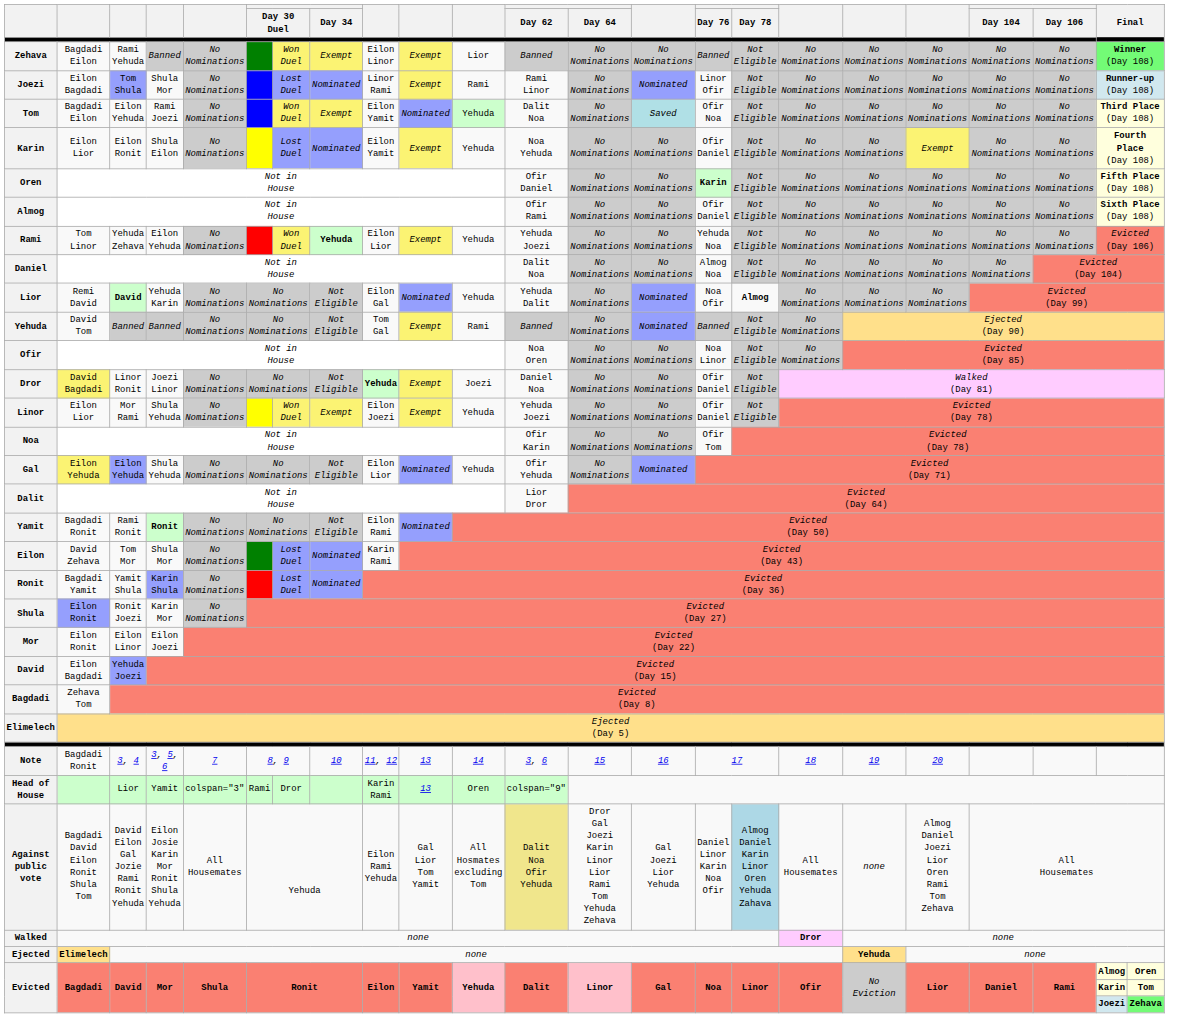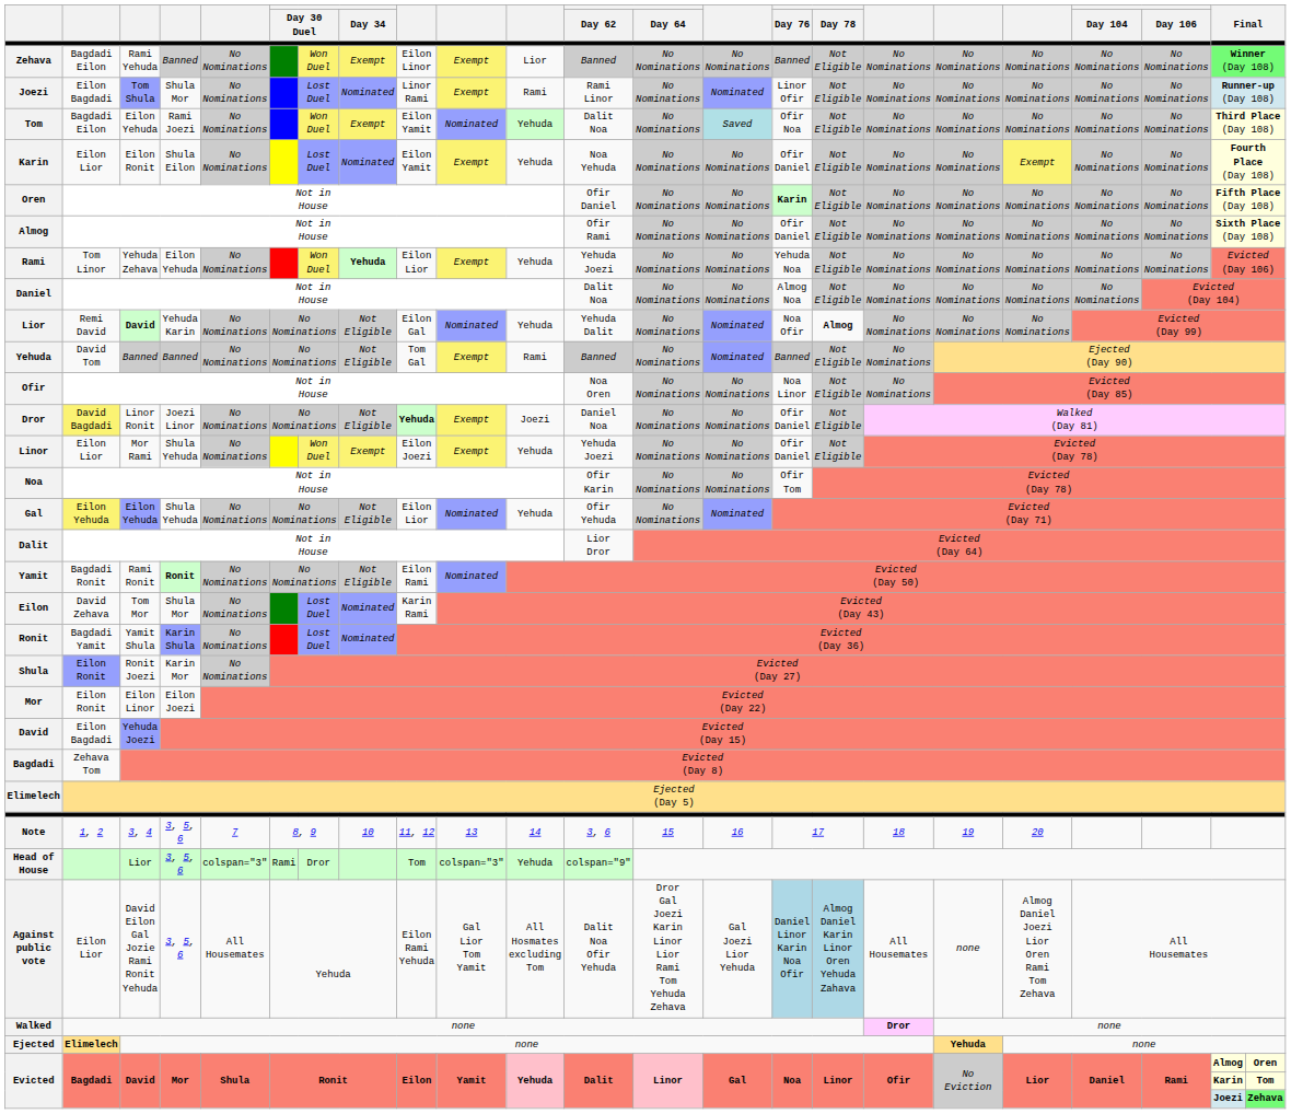 <table class="wikitable" style="text-align:center; width:auto; font-size:85%; line-height:15px">
 <tr>
 <th rowspan="2" style="width: 1%;"></th>
 <th rowspan="2" style="width: 5%;"></th>
 <th rowspan="2" style="width: 5%;"></th>
 <th rowspan="2" style="width: 5%;"></th>
 <th rowspan="2" style="width: 5%;"></th>
 <th colspan="3" style="width: 10%;"></th>
 <th rowspan="2" style="width: 5%;"></th>
 <th rowspan="2" style="width: 5%;"></th>
 <th rowspan="2" style="width: 5%;"></th>
 <th colspan="2" style="width: 10%;"></th>
 <th rowspan="2" style="width: 5%;"></th>
 <th colspan="2" style="width: 10%;"></th>
 <th rowspan="2" style="width: 5%;"></th>
 <th rowspan="2" style="width: 5%;"></th>
 <th rowspan="2" style="width: 5%;"></th>
 <th colspan="2" style="width: 10%;"></th>
 <th colspan="2" rowspan="3" style="width: 10%;">Final</th>
 </tr>
 <tr>
 <th colspan="2" style="width: 5%;">Day 30<br>Duel</th>
 <th style="width: 5%;">Day 34</th>
 <th style="width: 5%;">Day 62</th>
 <th style="width: 5%;">Day 64</th>
 <th style="width: 5%;">Day 76</th>
 <th style="width: 5%;">Day 78</th>
 <th style="width: 5%;">Day 104</th>
 <th style="width: 5%;">Day 106</th>
 </tr>
 <tr>
 <th colspan="23" style="background:black;"></th>
 </tr>
 <tr>
 <th>Zehava</th>
 <td>Bagdadi<br>Eilon</td>
 <td>Rami<br>Yehuda</td>
 <td style="background:#CCC;"><em>Banned</em></td>
 <td style="background: #CCC;"><em>No<br>Nominations</em></td>
 <td style="background: green;"></td>
 <td style="background:#FBF373;"><em>Won<br>Duel</em></td>
 <td style="background:#FBF373;"><em>Exempt</em></td>
 <td>Eilon<br>Linor</td>
 <td style="background: #FBF373;"><em>Exempt</em></td>
 <td>Lior</td>
 <td style="background:#CCC;"><em>Banned</em></td>
 <td style="background: #CCC;"><em>No<br>Nominations</em></td>
 <td style="background: #CCC;"><em>No<br>Nominations</em></td>
 <td style="background: #CCC;"><em>Banned</em></td>
 <td style="background: #CCC;"><em>Not<br>Eligible</em></td>
 <td style="background: #CCC;"><em>No<br>Nominations</em></td>
 <td style="background: #CCC;"><em>No<br>Nominations</em></td>
 <td style="background: #CCC;"><em>No<br>Nominations</em></td>
 <td style="background: #CCC;"><em>No<br>Nominations</em></td>
 <td style="background: #CCC;"><em>No<br>Nominations</em></td>
 <td colspan="2" style="background:#73FB76;"><strong>Winner</strong><br>(Day 108)</td>
 </tr>
 <tr>
 <th>Joezi</th>
 <td>Eilon<br>Bagdadi</td>
 <td style="background:#959FFD;">Tom<br>Shula</td>
 <td>Shula<br>Mor</td>
 <td style="background: #CCC;"><em>No<br>Nominations</em></td>
 <td style="background: blue;"></td>
 <td style="background:#959FFD;"><em>Lost<br>Duel</em></td>
 <td style="background:#959FFD;"><em>Nominated</em></td>
 <td>Linor<br>Rami</td>
 <td style="background: #FBF373;"><em>Exempt</em></td>
 <td>Rami</td>
 <td>Rami<br>Linor</td>
 <td style="background: #CCC;"><em>No<br>Nominations</em></td>
 <td style="background:#959FFD;"><em>Nominated</em></td>
 <td>Linor<br>Ofir</td>
 <td style="background: #CCC;"><em>Not<br>Eligible</em></td>
 <td style="background: #CCC;"><em>No<br>Nominations</em></td>
 <td style="background: #CCC;"><em>No<br>Nominations</em></td>
 <td style="background: #CCC;"><em>No<br>Nominations</em></td>
 <td style="background: #CCC;"><em>No<br>Nominations</em></td>
 <td style="background: #CCC;"><em>No<br>Nominations</em></td>
 <td colspan="2" style="background:#D1E8EF;"><strong>Runner-up</strong><br>(Day 108)</td>
 </tr>
 <tr>
 <th>Tom</th>
 <td>Bagdadi<br>Eilon</td>
 <td>Eilon<br>Yehuda</td>
 <td>Rami<br>Joezi</td>
 <td style="background: #CCC;"><em>No<br>Nominations</em></td>
 <td style="background: blue;"></td>
 <td style="background:#FBF373;"><em>Won<br>Duel</em></td>
 <td style="background:#FBF373;"><em>Exempt</em></td>
 <td>Eilon<br>Yamit</td>
 <td style="background:#959FFD;"><em>Nominated</em></td>
 <td style="background: #CFC;">Yehuda</td>
 <td>Dalit<br>Noa</td>
 <td style="background: #CCC;"><em>No<br>Nominations</em></td>
 <td style="background: #B0E0E6;"><em>Saved</em></td>
 <td>Ofir<br>Noa</td>
 <td style="background: #CCC;"><em>Not<br>Eligible</em></td>
 <td style="background: #CCC;"><em>No<br>Nominations</em></td>
 <td style="background: #CCC;"><em>No<br>Nominations</em></td>
 <td style="background: #CCC;"><em>No<br>Nominations</em></td>
 <td style="background: #CCC;"><em>No<br>Nominations</em></td>
 <td style="background: #CCC;"><em>No<br>Nominations</em></td>
 <td colspan="2" style="background:#FFFFDD;"><strong>Third Place</strong><br>(Day 108)</td>
 </tr>
 <tr>
 <th>Karin</th>
 <td>Eilon<br>Lior</td>
 <td>Eilon<br>Ronit</td>
 <td>Shula<br>Eilon</td>
 <td style="background: #CCC;"><em>No<br>Nominations</em></td>
 <td style="background: yellow;"></td>
 <td style="background:#959FFD;"><em>Lost<br>Duel</em></td>
 <td style="background:#959FFD;"><em>Nominated</em></td>
 <td>Eilon<br>Yamit</td>
 <td style="background: #FBF373;"><em>Exempt</em></td>
 <td>Yehuda</td>
 <td>Noa<br>Yehuda</td>
 <td style="background: #CCC;"><em>No<br>Nominations</em></td>
 <td style="background: #CCC;"><em>No<br>Nominations</em></td>
 <td>Ofir<br>Daniel</td>
 <td style="background: #CCC;"><em>Not<br>Eligible</em></td>
 <td style="background: #CCC;"><em>No<br>Nominations</em></td>
 <td style="background: #CCC;"><em>No<br>Nominations</em></td>
 <td style="background: #FBF373;"><em>Exempt</em></td>
 <td style="background: #CCC;"><em>No<br>Nominations</em></td>
 <td style="background: #CCC;"><em>No<br>Nominations</em></td>
 <td colspan="2" style="background:#FFFFDD;"><strong>Fourth Place</strong><br>(Day 108)</td>
 </tr>
 <tr>
 <th>Oren</th>
 <td colspan="10" style="background:white;"><em>Not in<br>House</em></td>
 <td>Ofir<br>Daniel</td>
 <td style="background: #CCC;"><em>No<br>Nominations</em></td>
 <td style="background: #CCC;"><em>No<br>Nominations</em></td>
 <td style="background:#cfc"><strong>Karin</strong></td>
 <td style="background: #CCC;"><em>Not<br>Eligible</em></td>
 <td style="background: #CCC;"><em>No<br>Nominations</em></td>
 <td style="background: #CCC;"><em>No<br>Nominations</em></td>
 <td style="background: #CCC;"><em>No<br>Nominations</em></td>
 <td style="background: #CCC;"><em>No<br>Nominations</em></td>
 <td style="background: #CCC;"><em>No<br>Nominations</em></td>
 <td colspan="2" style="background:#FFFFDD;"><strong>Fifth Place</strong><br>(Day 108)</td>
 </tr>
 <tr>
 <th>Almog</th>
 <td colspan="10" style="background:white;"><em>Not in<br>House</em></td>
 <td>Ofir<br>Rami</td>
 <td style="background: #CCC;"><em>No<br>Nominations</em></td>
 <td style="background: #CCC;"><em>No<br>Nominations</em></td>
 <td>Ofir<br>Daniel</td>
 <td style="background: #CCC;"><em>Not<br>Eligible</em></td>
 <td style="background: #CCC;"><em>No<br>Nominations</em></td>
 <td style="background: #CCC;"><em>No<br>Nominations</em></td>
 <td style="background: #CCC;"><em>No<br>Nominations</em></td>
 <td style="background: #CCC;"><em>No<br>Nominations</em></td>
 <td style="background: #CCC;"><em>No<br>Nominations</em></td>
 <td colspan="2" style="background:#FFFFDD;"><strong>Sixth Place</strong><br>(Day 108)</td>
 </tr>
 <tr>
 <th>Rami</th>
 <td>Tom<br>Linor</td>
 <td>Yehuda<br>Zehava</td>
 <td>Eilon<br>Yehuda</td>
 <td style="background: #CCC;"><em>No<br>Nominations</em></td>
 <td style="background: red;"></td>
 <td style="background:#FBF373;"><em>Won<br>Duel</em></td>
 <td style="background:#CFC;"><strong>Yehuda</strong></td>
 <td>Eilon<br>Lior</td>
 <td style="background: #FBF373;"><em>Exempt</em></td>
 <td>Yehuda</td>
 <td>Yehuda<br>Joezi</td>
 <td style="background: #CCC;"><em>No<br>Nominations</em></td>
 <td style="background: #CCC;"><em>No<br>Nominations</em></td>
 <td>Yehuda<br>Noa</td>
 <td style="background: #CCC;"><em>Not<br>Eligible</em></td>
 <td style="background: #CCC;"><em>No<br>Nominations</em></td>
 <td style="background: #CCC;"><em>No<br>Nominations</em></td>
 <td style="background: #CCC;"><em>No<br>Nominations</em></td>
 <td style="background: #CCC;"><em>No<br>Nominations</em></td>
 <td style="background: #CCC;"><em>No<br>Nominations</em></td>
 <td colspan="2" style="background: salmon;"><em>Evicted</em><br>(Day 106)</td>
 </tr>
 <tr>
 <th>Daniel</th>
 <td colspan="10" style="background:white;"><em>Not in<br>House</em></td>
 <td>Dalit<br>Noa</td>
 <td style="background: #CCC;"><em>No<br>Nominations</em></td>
 <td style="background: #CCC;"><em>No<br>Nominations</em></td>
 <td>Almog<br>Noa</td>
 <td style="background: #CCC;"><em>Not<br>Eligible</em></td>
 <td style="background: #CCC;"><em>No<br>Nominations</em></td>
 <td style="background: #CCC;"><em>No<br>Nominations</em></td>
 <td style="background: #CCC;"><em>No<br>Nominations</em></td>
 <td style="background: #CCC;"><em>No<br>Nominations</em></td>
 <td colspan="3" style="background:salmon"><em>Evicted</em><br>(Day 104)</td>
 </tr>
 <tr>
 <th>Lior</th>
 <td>Remi<br>David</td>
 <td style="background:#CFC;"><strong>David</strong></td>
 <td>Yehuda<br>Karin</td>
 <td style="background: #CCC;"><em>No<br>Nominations</em></td>
 <td colspan="2" style="background: #CCC;"><em>No<br>Nominations</em></td>
 <td style="background: #CCC;"><em>Not<br>Eligible</em></td>
 <td>Eilon<br>Gal</td>
 <td style="background:#959FFD;"><em>Nominated</em></td>
 <td>Yehuda</td>
 <td>Yehuda<br>Dalit</td>
 <td style="background: #CCC;"><em>No<br>Nominations</em></td>
 <td style="background:#959FFD;"><em>Nominated</em></td>
 <td>Noa<br>Ofir</td>
 <td><strong>Almog</strong></td>
 <td style="background: #CCC;"><em>No<br>Nominations</em></td>
 <td style="background: #CCC;"><em>No<br>Nominations</em></td>
 <td style="background: #CCC;"><em>No<br>Nominations</em></td>
 <td colspan="4" style="background:salmon"><em>Evicted</em><br>(Day 99)</td>
 </tr>
 <tr>
 <th>Yehuda</th>
 <td>David<br>Tom</td>
 <td style="background:#CCC;"><em>Banned</em></td>
 <td style="background:#CCC;"><em>Banned</em></td>
 <td style="background: #CCC;"><em>No<br>Nominations</em></td>
 <td colspan="2" style="background: #CCC;"><em>No<br>Nominations</em></td>
 <td style="background: #CCC;"><em>Not<br>Eligible</em></td>
 <td>Tom<br>Gal</td>
 <td style="background: #FBF373;"><em>Exempt</em></td>
 <td>Rami</td>
 <td style="background:#CCC;"><em>Banned</em></td>
 <td style="background: #CCC;"><em>No<br>Nominations</em></td>
 <td style="background:#959FFD;"><em>Nominated</em></td>
 <td style="background: #CCC;"><em>Banned</em></td>
 <td style="background: #CCC;"><em>Not<br>Eligible</em></td>
 <td style="background: #CCC;"><em>No<br>Nominations</em></td>
 <td colspan="6" style="background: #FFE08B;"><em>Ejected</em><br>(Day 90)</td>
 </tr>
 <tr>
 <th>Ofir</th>
 <td colspan="10" style="background:white;"><em>Not in<br>House</em></td>
 <td>Noa<br>Oren</td>
 <td style="background: #CCC;"><em>No<br>Nominations</em></td>
 <td style="background: #CCC;"><em>No<br>Nominations</em></td>
 <td>Noa<br>Linor</td>
 <td style="background: #CCC;"><em>Not<br>Eligible</em></td>
 <td style="background: #CCC;"><em>No<br>Nominations</em></td>
 <td colspan="6" style="background:salmon"><em>Evicted</em><br>(Day 85)</td>
 </tr>
 <tr>
 <th>Dror</th>
 <td style="background: #FBF373;">David<br>Bagdadi</td>
 <td>Linor<br>Ronit</td>
 <td>Joezi<br>Linor</td>
 <td style="background: #CCC;"><em>No<br>Nominations</em></td>
 <td colspan="2" style="background: #CCC;"><em>No<br>Nominations</em></td>
 <td style="background: #CCC;"><em>Not<br>Eligible</em></td>
 <td style="background: #CFC;"><strong>Yehuda</strong></td>
 <td style="background: #FBF373;"><em>Exempt</em></td>
 <td>Joezi</td>
 <td>Daniel<br>Noa</td>
 <td style="background: #CCC;"><em>No<br>Nominations</em></td>
 <td style="background: #CCC;"><em>No<br>Nominations</em></td>
 <td>Ofir<br>Daniel</td>
 <td style="background: #CCC;"><em>Not<br>Eligible</em></td>
 <td colspan="7" style="background:#fcf"><em>Walked</em><br>(Day 81)</td>
 </tr>
 <tr>
 <th>Linor</th>
 <td>Eilon<br>Lior</td>
 <td>Mor<br>Rami</td>
 <td>Shula<br>Yehuda</td>
 <td style="background: #CCC;"><em>No<br>Nominations</em></td>
 <td style="background: yellow;"></td>
 <td style="background:#FBF373;"><em>Won<br>Duel</em></td>
 <td style="background:#FBF373;"><em>Exempt</em></td>
 <td>Eilon<br>Joezi</td>
 <td style="background: #FBF373;"><em>Exempt</em></td>
 <td>Yehuda</td>
 <td>Yehuda<br>Joezi</td>
 <td style="background: #CCC;"><em>No<br>Nominations</em></td>
 <td style="background: #CCC;"><em>No<br>Nominations</em></td>
 <td>Ofir<br>Daniel</td>
 <td style="background: #CCC;"><em>Not<br>Eligible</em></td>
 <td colspan="7" style="background:salmon"><em>Evicted</em><br>(Day 78)</td>
 </tr>
 <tr>
 <th>Noa</th>
 <td colspan="10" style="background:white;"><em>Not in<br>House</em></td>
 <td>Ofir<br>Karin</td>
 <td style="background: #CCC;"><em>No<br>Nominations</em></td>
 <td style="background: #CCC;"><em>No<br>Nominations</em></td>
 <td>Ofir<br>Tom</td>
 <td colspan="8" style="background:salmon"><em>Evicted</em><br>(Day 78)</td>
 </tr>
 <tr>
 <th>Gal</th>
 <td style="background: #FBF373;">Eilon<br>Yehuda</td>
 <td style="background:#959FFD;">Eilon<br>Yehuda</td>
 <td>Shula<br>Yehuda</td>
 <td style="background: #CCC;"><em>No<br>Nominations</em></td>
 <td colspan="2" style="background: #CCC;"><em>No<br>Nominations</em></td>
 <td style="background: #CCC;"><em>Not<br>Eligible</em></td>
 <td>Eilon<br>Lior</td>
 <td style="background:#959FFD;"><em>Nominated</em></td>
 <td>Yehuda</td>
 <td>Ofir<br>Yehuda</td>
 <td style="background: #CCC;"><em>No<br>Nominations</em></td>
 <td style="background:#959FFD;"><em>Nominated</em></td>
 <td colspan="9" style="background:salmon"><em>Evicted</em><br>(Day 71)</td>
 </tr>
 <tr>
 <th>Dalit</th>
 <td colspan="10" style="background:white;"><em>Not in<br>House</em></td>
 <td>Lior<br>Dror</td>
 <td colspan="11" style="background:salmon"><em>Evicted</em><br>(Day 64)</td>
 </tr>
 <tr>
 <th>Yamit</th>
 <td>Bagdadi<br>Ronit</td>
 <td>Rami<br>Ronit</td>
 <td style="background:#CFC;"><strong>Ronit</strong></td>
 <td style="background: #CCC;"><em>No<br>Nominations</em></td>
 <td colspan="2" style="background: #CCC;"><em>No<br>Nominations</em></td>
 <td style="background: #CCC;"><em>Not<br>Eligible</em></td>
 <td>Eilon<br>Rami</td>
 <td style="background:#959FFD;"><em>Nominated</em></td>
 <td colspan="13" style="background:salmon"><em>Evicted</em><br>(Day 50)</td>
 </tr>
 <tr>
 <th>Eilon</th>
 <td>David<br>Zehava</td>
 <td>Tom<br>Mor</td>
 <td>Shula<br>Mor</td>
 <td style="background: #CCC;"><em>No<br>Nominations</em></td>
 <td style="background: green; width:0.1%"></td>
 <td style="background:#959FFD; width:4.9%"><em>Lost<br>Duel</em></td>
 <td style="background:#959FFD;"><em>Nominated</em></td>
 <td>Karin<br>Rami</td>
 <td colspan="14" style="background:salmon"><em>Evicted</em><br>(Day 43)</td>
 </tr>
 <tr>
 <th>Ronit</th>
 <td>Bagdadi<br>Yamit</td>
 <td>Yamit<br>Shula</td>
 <td style="background:#959FFD;">Karin<br>Shula</td>
 <td style="background: #CCC;"><em>No<br>Nominations</em></td>
 <td style="background: red;"></td>
 <td style="background:#959FFD;"><em>Lost<br>Duel</em></td>
 <td style="background:#959FFD;"><em>Nominated</em></td>
 <td colspan="15" style="background:salmon"><em>Evicted</em><br>(Day 36)</td>
 </tr>
 <tr>
 <th>Shula</th>
 <td style="background:#959FFD;">Eilon<br>Ronit</td>
 <td>Ronit<br>Joezi</td>
 <td>Karin<br>Mor</td>
 <td style="background: #CCC;"><em>No<br>Nominations</em></td>
 <td colspan="18" style="background:salmon"><em>Evicted</em><br>(Day 27)</td>
 </tr>
 <tr>
 <th>Mor</th>
 <td>Eilon<br>Ronit</td>
 <td>Eilon<br>Linor</td>
 <td>Eilon<br>Joezi</td>
 <td colspan="19" style="background:salmon"><em>Evicted</em><br>(Day 22)</td>
 </tr>
 <tr>
 <th>David</th>
 <td>Eilon<br>Bagdadi</td>
 <td style="background:#959FFD;">Yehuda<br>Joezi</td>
 <td colspan="20" style="background:salmon"><em>Evicted</em><br>(Day 15)</td>
 </tr>
 <tr>
 <th>Bagdadi</th>
 <td>Zehava<br>Tom</td>
 <td colspan="21" style="background:salmon"><em>Evicted</em><br>(Day 8)</td>
 </tr>
 <tr>
 <th>Elimelech</th>
 <td colspan="22" style="background:#FFE08B;"><em>Ejected</em><br>(Day 5)</td>
 </tr>
 <tr>
 <th colspan="23" style="background:black;"></th>
 </tr>
 <tr>
 <th>Note</th>
-<td>Bagdadi<br>Ronit</td>
+<td><em><a href='#'>1</a>, <a href='#'>2</a></em></td>
 <td><em><a href='#'>3</a>, <a href='#'>4</a></em></td>
 <td><em><a href='#'>3</a>, <a href='#'>5</a>, <a href='#'>6</a></em></td>
 <td><em><a href='#'>7</a></em></td>
 <td colspan="2"><em><a href='#'>8</a>, <a href='#'>9</a></em></td>
 <td><em><a href='#'>10</a></em></td>
 <td><em><a href='#'>11</a>, <a href='#'>12</a></em></td>
 <td><em><a href='#'>13</a></em></td>
 <td><em><a href='#'>14</a></em></td>
 <td><em><a href='#'>3</a>, <a href='#'>6</a></em></td>
 <td><em><a href='#'>15</a></em></td>
 <td><em><a href='#'>16</a></em></td>
 <td colspan="2"><em><a href='#'>17</a></em></td>
 <td><em><a href='#'>18</a></em></td>
 <td><em><a href='#'>19</a></em></td>
 <td><em><a href='#'>20</a></em></td>
 <td></td>
 <td></td>
 <td colspan="2"></td>
 </tr>
 <tr style="background: #CFC;" |>
 <th>Head of<br>House</th>
 <td></td>
 <td>Lior</td>
-<td>Yamit</td>
+<td><em><a href='#'>3</a>, <a href='#'>5</a>, <a href='#'>6</a></em></td>
 <td>colspan="3" </td>
 <td>Rami</td>
 <td>Dror</td>
 <td></td>
-<td>Karin<br>Rami</td>
-<td><em><a href='#'>13</a></em></td>
-<td>Oren</td>
+<td>Tom</td>
+<td>colspan="3" </td>
+<td>Yehuda</td>
 <td>colspan="9" </td>
 </tr>
 <tr>
 <th>Against<br>public vote</th>
-<td>Bagdadi<br>David<br>Eilon<br>Ronit<br>Shula<br>Tom</td>
+<td>Eilon<br>Lior</td>
 <td>David<br>Eilon<br>Gal<br>Jozie<br>Rami<br>Ronit<br>Yehuda</td>
-<td>Eilon<br>Josie<br>Karin<br>Mor<br>Ronit<br>Shula<br>Yehuda</td>
+<td><em><a href='#'>3</a>, <a href='#'>5</a>, <a href='#'>6</a></em></td>
 <td>All<br>Housemates</td>
 <td colspan="3"><br><br><br><br>Yehuda</td>
 <td>Eilon<br>Rami<br>Yehuda</td>
 <td>Gal<br>Lior<br>Tom<br>Yamit</td>
 <td>All Hosmates excluding Tom</td>
-<td style="background: khaki;">Dalit<br>Noa<br>Ofir<br>Yehuda</td>
+<td>Dalit<br>Noa<br>Ofir<br>Yehuda</td>
 <td>Dror<br>Gal<br>Joezi<br>Karin<br>Linor<br>Lior<br>Rami<br>Tom<br>Yehuda<br>Zehava</td>
 <td>Gal<br>Joezi<br>Lior<br>Yehuda</td>
-<td>Daniel<br>Linor<br>Karin<br>Noa<br>Ofir</td>
+<td style="background: lightblue;">Daniel<br>Linor<br>Karin<br>Noa<br>Ofir</td>
 <td style="background: lightblue;">Almog<br>Daniel<br>Karin<br>Linor<br>Oren<br>Yehuda<br>Zahava</td>
 <td>All<br>Housemates</td>
 <td><em>none</em></td>
 <td>Almog<br>Daniel<br>Joezi<br>Lior<br>Oren<br>Rami<br>Tom<br>Zehava</td>
 <td colspan="4">All<br>Housemates</td>
 </tr>
 <tr>
 <th>Walked</th>
 <td colspan="15"><em>none</em></td>
 <td style="background: #FCF;"><strong>Dror</strong></td>
 <td colspan="6"><em>none</em></td>
 </tr>
 <tr>
 <th>Ejected</th>
 <td style="background: #FFE08B;"><strong>Elimelech</strong></td>
 <td colspan="15"><em>none</em></td>
 <td style="background: #FFE08B;"><strong>Yehuda</strong></td>
 <td colspan="5"><em>none</em></td>
 </tr>
 <tr>
 <th rowspan="3">Evicted</th>
 <td rowspan="3" style="background:#FA8072"><strong>Bagdadi</strong><br></td>
 <td rowspan="3" style="background:#FA8072"><strong>David</strong><br></td>
 <td rowspan="3" style="background:#FA8072"><strong>Mor</strong><br></td>
 <td rowspan="3" style="background:#FA8072"><strong>Shula</strong><br></td>
 <td colspan="3" rowspan="3" style="background:#FA8072"><strong>Ronit</strong><br></td>
 <td rowspan="3" style="background:#FA8072"><strong>Eilon</strong><br></td>
 <td rowspan="3" style="background:#FA8072"><strong>Yamit</strong><br></td>
 <td rowspan="3" style="background:#FFC0CB"><strong>Yehuda</strong><br></td>
 <td rowspan="3" style="background:#FA8072"><strong>Dalit</strong><br></td>
 <td rowspan="3" style="background:#FFC0CB"><strong>Linor</strong><br></td>
 <td rowspan="3" style="background:#FA8072"><strong>Gal</strong><br></td>
 <td rowspan="3" style="background:#FA8072"><strong>Noa</strong><br></td>
 <td rowspan="3" style="background:#FA8072"><strong>Linor</strong><br></td>
 <td rowspan="3" style="background:#FA8072"><strong>Ofir</strong><br></td>
 <td rowspan="3" style="background:#CCC"><em>No<br>Eviction</em></td>
 <td rowspan="3" style="background:#FA8072"><strong>Lior</strong><br></td>
 <td rowspan="3" style="background:#FA8072"><strong>Daniel</strong><br></td>
 <td rowspan="3" style="background:#FA8072"><strong>Rami</strong><br></td>
 <td style="background:#FFFFDD"><strong>Almog</strong><br></td>
 <td style="background:#FFFFDD"><strong>Oren</strong><br></td>
 </tr>
 <tr>
 <td style="background:#FFFFDD"><strong>Karin</strong><br></td>
 <td style="background:#FFFFDD"><strong>Tom</strong><br></td>
 </tr>
 <tr>
 <td style="background:#D1E8EF"><strong>Joezi</strong><br></td>
 <td style="background:#73FB76"><strong>Zehava</strong><br></td>
 </tr>
 </table>
